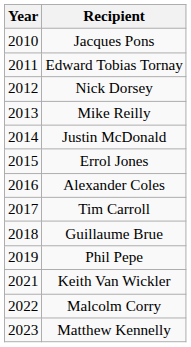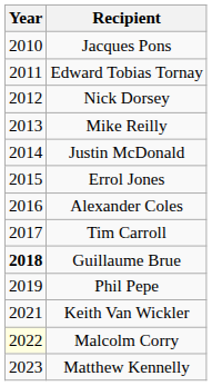 <table class="wikitable" style="text-align:center">
 <tr>
 <th>Year</th>
 <th>Recipient</th>
 </tr>
 <tr>
 <td>2010</td>
 <td>Jacques Pons</td>
 </tr>
 <tr>
 <td>2011</td>
 <td>Edward Tobias Tornay</td>
 </tr>
 <tr>
 <td>2012</td>
 <td>Nick Dorsey</td>
 </tr>
 <tr>
 <td>2013</td>
 <td>Mike Reilly</td>
 </tr>
 <tr>
 <td>2014</td>
 <td>Justin McDonald</td>
 </tr>
 <tr>
 <td>2015</td>
 <td>Errol Jones</td>
 </tr>
 <tr>
 <td>2016</td>
 <td>Alexander Coles</td>
 </tr>
 <tr>
 <td>2017</td>
 <td>Tim Carroll</td>
 </tr>
 <tr>
-<td>2018</td>
+<td><strong>2018</strong></td>
 <td>Guillaume Brue</td>
 </tr>
 <tr>
 <td>2019</td>
 <td>Phil Pepe</td>
 </tr>
 <tr>
 <td>2021</td>
 <td>Keith Van Wickler</td>
 </tr>
 <tr>
-<td>2022</td>
+<td style="background: lightyellow;">2022</td>
 <td>Malcolm Corry</td>
 </tr>
 <tr>
 <td>2023</td>
 <td>Matthew Kennelly</td>
 </tr>
 </table>
